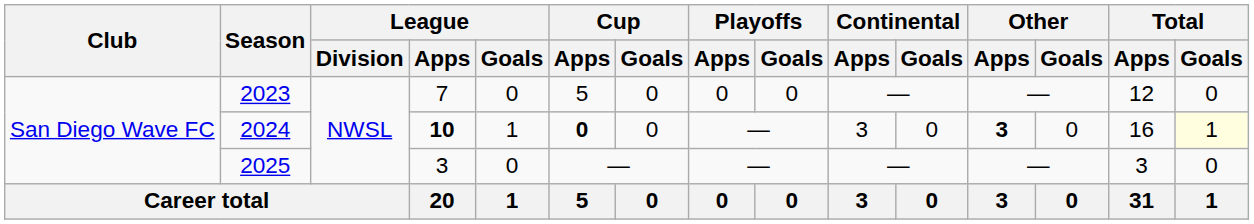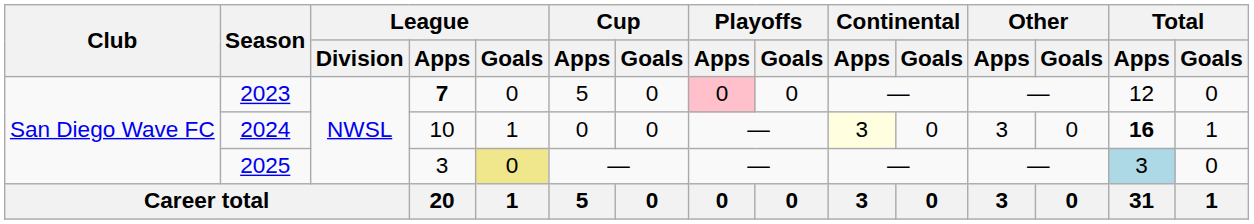 <table class="wikitable" style="text-align: center;">
 <tr>
 <th rowspan="2">Club</th>
 <th rowspan="2">Season</th>
 <th colspan="3">League</th>
 <th colspan="2">Cup</th>
 <th colspan="2">Playoffs</th>
 <th colspan="2">Continental</th>
 <th colspan="2">Other</th>
 <th colspan="2">Total</th>
 </tr>
 <tr>
 <th>Division</th>
 <th>Apps</th>
 <th>Goals</th>
 <th>Apps</th>
 <th>Goals</th>
 <th>Apps</th>
 <th>Goals</th>
 <th>Apps</th>
 <th>Goals</th>
 <th>Apps</th>
 <th>Goals</th>
 <th>Apps</th>
 <th>Goals</th>
 </tr>
 <tr>
 <td rowspan="3"><a href='#'>San Diego Wave FC</a></td>
 <td><a href='#'>2023</a></td>
 <td rowspan="3"><a href='#'>NWSL</a></td>
-<td>7</td>
+<td><strong>7</strong></td>
 <td>0</td>
 <td>5</td>
 <td>0</td>
-<td>0</td>
+<td style="background: pink;">0</td>
 <td>0</td>
 <td colspan="2">—</td>
 <td colspan="2">—</td>
 <td>12</td>
 <td>0</td>
 </tr>
 <tr>
 <td><a href='#'>2024</a></td>
-<td><strong>10</strong></td>
+<td>10</td>
 <td>1</td>
-<td><strong>0</strong></td>
+<td>0</td>
 <td>0</td>
 <td colspan="2">—</td>
+<td style="background: lightyellow;">3</td>
+<td>0</td>
 <td>3</td>
 <td>0</td>
-<td><strong>3</strong></td>
-<td>0</td>
-<td>16</td>
-<td style="background: lightyellow;">1</td>
+<td><strong>16</strong></td>
+<td>1</td>
 </tr>
 <tr>
 <td><a href='#'>2025</a></td>
 <td>3</td>
-<td>0</td>
+<td style="background: khaki;">0</td>
 <td colspan="2">—</td>
 <td colspan="2">—</td>
 <td colspan="2">—</td>
 <td colspan="2">—</td>
-<td>3</td>
+<td style="background: lightblue;">3</td>
 <td>0</td>
 </tr>
 <tr>
 <th colspan="3">Career total</th>
 <th>20</th>
 <th>1</th>
 <th>5</th>
 <th>0</th>
 <th>0</th>
 <th>0</th>
 <th>3</th>
 <th>0</th>
 <th>3</th>
 <th>0</th>
 <th>31</th>
 <th>1</th>
 </tr>
 </table>
